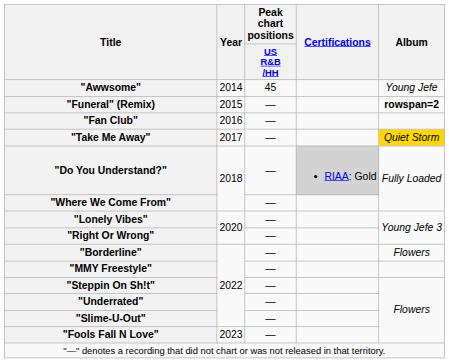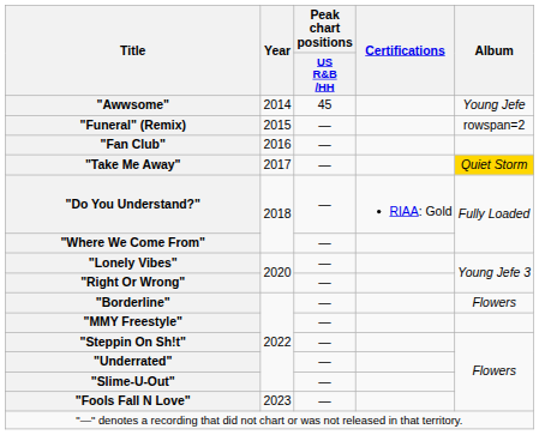 <table class="wikitable plainrowheaders" style="text-align:center;">
 <tr>
 <th scope="col" rowspan="2" style="width:20em;">Title</th>
 <th scope="col" rowspan="2">Year</th>
 <th scope="col" colspan="1">Peak chart positions</th>
 <th scope="col" rowspan="2"><a href='#'>Certifications</a></th>
 <th scope="col" rowspan="2">Album</th>
 </tr>
 <tr>
 <th scope="col" style="width:3em;font-size:90%;"><a href='#'>US<br>R&B<br>/HH</a><br></th>
 </tr>
 <tr>
 <th scope="row">"Awwsome"<br></th>
 <td>2014</td>
 <td>45</td>
 <td></td>
 <td><em>Young Jefe</em></td>
 </tr>
 <tr>
 <th scope="row">"Funeral" (Remix)<br></th>
 <td>2015</td>
 <td>—</td>
 <td></td>
-<td><strong>rowspan=2 </strong></td>
+<td>rowspan=2 </td>
 </tr>
 <tr>
 <th scope="row">"Fan Club"<br></th>
 <td>2016</td>
 <td>—</td>
 <td></td>
 </tr>
 <tr>
 <th scope="row">"Take Me Away"</th>
 <td>2017</td>
 <td>—</td>
 <td></td>
 <td style="background: gold;"><em>Quiet Storm</em></td>
 </tr>
 <tr>
 <th scope="row">"Do You Understand?" <br></th>
 <td rowspan=2>2018</td>
 <td>—</td>
-<td style="background: lightgrey;"><br><ul><li><a href='#'>RIAA</a>: Gold</li></ul></td>
+<td><br><ul><li><a href='#'>RIAA</a>: Gold</li></ul></td>
 <td rowspan=2><em>Fully Loaded</em></td>
 </tr>
 <tr>
 <th scope="row">"Where We Come From"<br></th>
 <td>—</td>
 <td></td>
 </tr>
 <tr>
 <th scope="row">"Lonely Vibes"</th>
 <td rowspan=2>2020</td>
 <td>—</td>
 <td></td>
 <td rowspan=2><em>Young Jefe 3</em></td>
 </tr>
 <tr>
 <th scope="row">"Right Or Wrong"<br></th>
 <td>—</td>
 <td></td>
 </tr>
 <tr>
 <th scope="row">"Borderline"<br></th>
 <td rowspan=5>2022</td>
 <td>—</td>
 <td></td>
 <td rowspan=1><em>Flowers</em></td>
 </tr>
 <tr>
 <th scope="row">"MMY Freestyle"</th>
 <td>—</td>
 <td></td>
 <td></td>
 </tr>
 <tr>
 <th scope="row">"Steppin On Sh!t"</th>
 <td>—</td>
 <td></td>
 <td rowspan=4><em>Flowers</em></td>
 </tr>
 <tr>
 <th scope="row">"Underrated"</th>
 <td>—</td>
 <td></td>
 </tr>
 <tr>
 <th scope="row">"Slime-U-Out"<br></th>
 <td>—</td>
 <td></td>
 </tr>
 <tr>
 <th scope="row">"Fools Fall N Love"<br></th>
 <td rowspan=1>2023</td>
 <td>—</td>
 <td></td>
 </tr>
 <tr>
 <td colspan="12" style="font-size:90%">"—" denotes a recording that did not chart or was not released in that territory.</td>
 </tr>
 </table>
